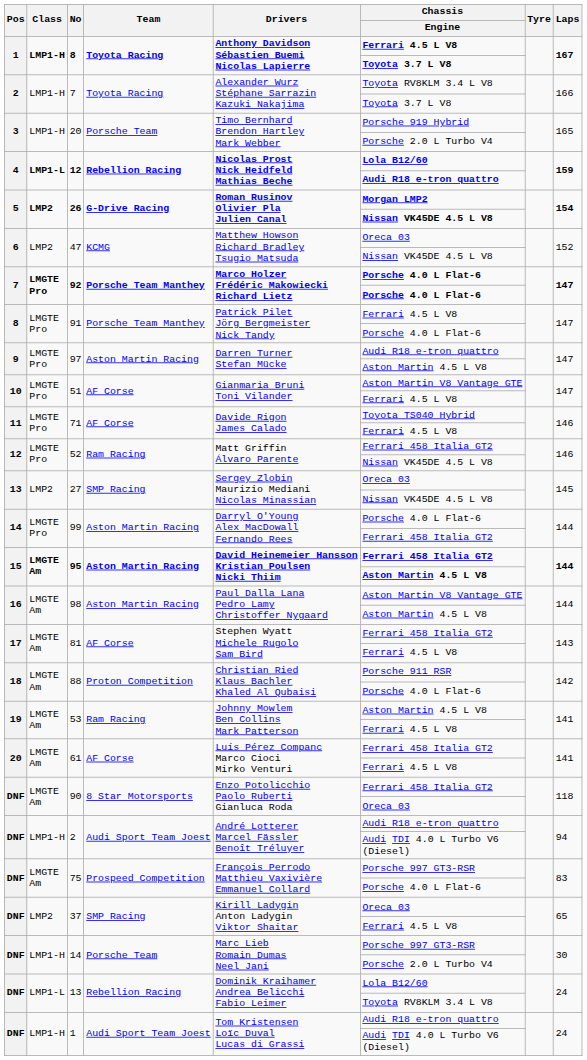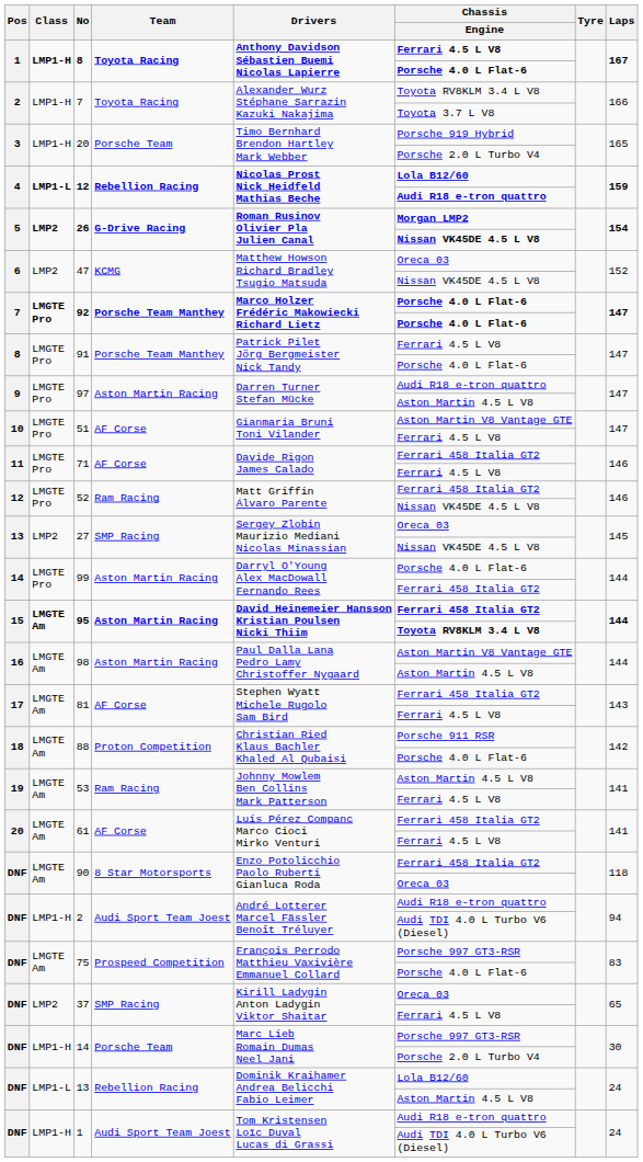 <table class="wikitable" style="font-size: 95%;">
 <tr>
 <th rowspan=2>Pos</th>
 <th rowspan=2>Class</th>
 <th rowspan=2>No</th>
 <th rowspan=2>Team</th>
 <th rowspan=2>Drivers</th>
 <th>Chassis</th>
 <th rowspan=2>Tyre</th>
 <th rowspan=2>Laps</th>
 </tr>
 <tr>
 <th>Engine</th>
 </tr>
 <tr style="font-weight:bold">
 <th rowspan=2>1</th>
 <td rowspan=2>LMP1-H</td>
 <td rowspan=2>8</td>
 <td rowspan=2> <a href='#'>Toyota Racing</a></td>
 <td rowspan=2> <a href='#'>Anthony Davidson</a><br> <a href='#'>Sébastien Buemi</a><br> <a href='#'>Nicolas Lapierre</a></td>
 <td><a href='#'>Ferrari</a> 4.5 L V8</td>
 <td rowspan=2></td>
 <td rowspan=2>167</td>
 </tr>
 <tr style="font-weight:bold">
-<td><a href='#'>Toyota</a> 3.7 L V8</td>
+<td><a href='#'>Porsche</a> 4.0 L Flat-6</td>
 </tr>
 <tr>
 <th rowspan=2>2</th>
 <td rowspan=2>LMP1-H</td>
 <td rowspan=2>7</td>
 <td rowspan=2> <a href='#'>Toyota Racing</a></td>
 <td rowspan=2> <a href='#'>Alexander Wurz</a><br> <a href='#'>Stéphane Sarrazin</a><br> <a href='#'>Kazuki Nakajima</a></td>
 <td><a href='#'>Toyota</a> RV8KLM 3.4 L V8</td>
 <td rowspan=2></td>
 <td rowspan=2>166</td>
 </tr>
 <tr>
 <td><a href='#'>Toyota</a> 3.7 L V8</td>
 </tr>
 <tr>
 <th rowspan=2>3</th>
 <td rowspan=2>LMP1-H</td>
 <td rowspan=2>20</td>
 <td rowspan=2> <a href='#'>Porsche Team</a></td>
 <td rowspan=2> <a href='#'>Timo Bernhard</a><br> <a href='#'>Brendon Hartley</a><br> <a href='#'>Mark Webber</a></td>
 <td><a href='#'>Porsche 919 Hybrid</a></td>
 <td rowspan=2></td>
 <td rowspan=2>165</td>
 </tr>
 <tr>
 <td><a href='#'>Porsche</a> 2.0 L Turbo V4</td>
 </tr>
 <tr style="font-weight:bold">
 <th rowspan=2>4</th>
 <td rowspan=2>LMP1-L</td>
 <td rowspan=2>12</td>
 <td rowspan=2> <a href='#'>Rebellion Racing</a></td>
 <td rowspan=2> <a href='#'>Nicolas Prost</a><br> <a href='#'>Nick Heidfeld</a><br> <a href='#'>Mathias Beche</a></td>
 <td><a href='#'>Lola B12/60</a></td>
 <td rowspan=2></td>
 <td rowspan=2>159</td>
 </tr>
 <tr style="font-weight:bold">
 <td><a href='#'>Audi R18 e-tron quattro</a></td>
 </tr>
 <tr style="font-weight:bold">
 <th rowspan=2>5</th>
 <td rowspan=2>LMP2</td>
 <td rowspan=2>26</td>
 <td rowspan=2> <a href='#'>G-Drive Racing</a></td>
 <td rowspan=2> <a href='#'>Roman Rusinov</a><br> <a href='#'>Olivier Pla</a><br> <a href='#'>Julien Canal</a></td>
 <td><a href='#'>Morgan LMP2</a></td>
 <td rowspan=2></td>
 <td rowspan=2>154</td>
 </tr>
 <tr style="font-weight:bold">
 <td><a href='#'>Nissan</a> VK45DE 4.5 L V8</td>
 </tr>
 <tr>
 <th rowspan=2>6</th>
 <td rowspan=2>LMP2</td>
 <td rowspan=2>47</td>
 <td rowspan=2> <a href='#'>KCMG</a></td>
 <td rowspan=2> <a href='#'>Matthew Howson</a><br> <a href='#'>Richard Bradley</a><br> <a href='#'>Tsugio Matsuda</a></td>
 <td><a href='#'>Oreca 03</a></td>
 <td rowspan=2></td>
 <td rowspan=2>152</td>
 </tr>
 <tr>
 <td><a href='#'>Nissan</a> VK45DE 4.5 L V8</td>
 </tr>
 <tr style="font-weight:bold">
 <th rowspan=2>7</th>
 <td rowspan=2>LMGTE<br>Pro</td>
 <td rowspan=2>92</td>
 <td rowspan=2> <a href='#'>Porsche Team Manthey</a></td>
 <td rowspan=2> <a href='#'>Marco Holzer</a><br> <a href='#'>Frédéric Makowiecki</a><br> <a href='#'>Richard Lietz</a></td>
 <td><a href='#'>Porsche</a> 4.0 L Flat-6</td>
 <td rowspan=2></td>
 <td rowspan=2>147</td>
 </tr>
 <tr style="font-weight:bold">
 <td><a href='#'>Porsche</a> 4.0 L Flat-6</td>
 </tr>
 <tr>
 <th rowspan=2>8</th>
 <td rowspan=2>LMGTE<br>Pro</td>
 <td rowspan=2>91</td>
 <td rowspan=2> <a href='#'>Porsche Team Manthey</a></td>
 <td rowspan=2> <a href='#'>Patrick Pilet</a><br> <a href='#'>Jörg Bergmeister</a><br> <a href='#'>Nick Tandy</a></td>
 <td><a href='#'>Ferrari</a> 4.5 L V8</td>
 <td rowspan=2></td>
 <td rowspan=2>147</td>
 </tr>
 <tr>
 <td><a href='#'>Porsche</a> 4.0 L Flat-6</td>
 </tr>
 <tr>
 <th rowspan=2>9</th>
 <td rowspan=2>LMGTE<br>Pro</td>
 <td rowspan=2>97</td>
 <td rowspan=2> <a href='#'>Aston Martin Racing</a></td>
 <td rowspan=2> <a href='#'>Darren Turner</a><br> <a href='#'>Stefan Mücke</a></td>
 <td><a href='#'>Audi R18 e-tron quattro</a></td>
 <td rowspan=2></td>
 <td rowspan=2>147</td>
 </tr>
 <tr>
 <td><a href='#'>Aston Martin</a> 4.5 L V8</td>
 </tr>
 <tr>
 <th rowspan=2>10</th>
 <td rowspan=2>LMGTE<br>Pro</td>
 <td rowspan=2>51</td>
 <td rowspan=2> <a href='#'>AF Corse</a></td>
 <td rowspan=2> <a href='#'>Gianmaria Bruni</a><br> <a href='#'>Toni Vilander</a></td>
 <td><a href='#'>Aston Martin V8 Vantage GTE</a></td>
 <td rowspan=2></td>
 <td rowspan=2>147</td>
 </tr>
 <tr>
 <td><a href='#'>Ferrari</a> 4.5 L V8</td>
 </tr>
 <tr>
 <th rowspan=2>11</th>
 <td rowspan=2>LMGTE<br>Pro</td>
 <td rowspan=2>71</td>
 <td rowspan=2> <a href='#'>AF Corse</a></td>
 <td rowspan=2> <a href='#'>Davide Rigon</a><br> <a href='#'>James Calado</a></td>
-<td><a href='#'>Toyota TS040 Hybrid</a></td>
+<td><a href='#'>Ferrari 458 Italia GT2</a></td>
 <td rowspan=2></td>
 <td rowspan=2>146</td>
 </tr>
 <tr>
 <td><a href='#'>Ferrari</a> 4.5 L V8</td>
 </tr>
 <tr>
 <th rowspan=2>12</th>
 <td rowspan=2>LMGTE<br>Pro</td>
 <td rowspan=2>52</td>
 <td rowspan=2> <a href='#'>Ram Racing</a></td>
 <td rowspan=2> Matt Griffin<br> <a href='#'>Álvaro Parente</a></td>
 <td><a href='#'>Ferrari 458 Italia GT2</a></td>
 <td rowspan=2></td>
 <td rowspan=2>146</td>
 </tr>
 <tr>
 <td><a href='#'>Nissan</a> VK45DE 4.5 L V8</td>
 </tr>
 <tr>
 <th rowspan=2>13</th>
 <td rowspan=2>LMP2</td>
 <td rowspan=2>27</td>
 <td rowspan=2> <a href='#'>SMP Racing</a></td>
 <td rowspan=2> <a href='#'>Sergey Zlobin</a><br> Maurizio Mediani<br> <a href='#'>Nicolas Minassian</a></td>
 <td><a href='#'>Oreca 03</a></td>
 <td rowspan=2></td>
 <td rowspan=2>145</td>
 </tr>
 <tr>
 <td><a href='#'>Nissan</a> VK45DE 4.5 L V8</td>
 </tr>
 <tr>
 <th rowspan=2>14</th>
 <td rowspan=2>LMGTE<br>Pro</td>
 <td rowspan=2>99</td>
 <td rowspan=2> <a href='#'>Aston Martin Racing</a></td>
 <td rowspan=2> <a href='#'>Darryl O'Young</a><br> <a href='#'>Alex MacDowall</a><br> <a href='#'>Fernando Rees</a></td>
 <td><a href='#'>Porsche</a> 4.0 L Flat-6</td>
 <td rowspan=2></td>
 <td rowspan=2>144</td>
 </tr>
 <tr>
 <td><a href='#'>Ferrari 458 Italia GT2</a></td>
 </tr>
 <tr style="font-weight:bold">
 <th rowspan=2>15</th>
 <td rowspan=2>LMGTE<br>Am</td>
 <td rowspan=2>95</td>
 <td rowspan=2> <a href='#'>Aston Martin Racing</a></td>
 <td rowspan=2> <a href='#'>David Heinemeier Hansson</a><br> <a href='#'>Kristian Poulsen</a><br> <a href='#'>Nicki Thiim</a></td>
 <td><a href='#'>Ferrari 458 Italia GT2</a></td>
 <td rowspan=2></td>
 <td rowspan=2>144</td>
 </tr>
 <tr style="font-weight:bold">
-<td><a href='#'>Aston Martin</a> 4.5 L V8</td>
+<td><a href='#'>Toyota</a> RV8KLM 3.4 L V8</td>
 </tr>
 <tr>
 <th rowspan=2>16</th>
 <td rowspan=2>LMGTE<br>Am</td>
 <td rowspan=2>98</td>
 <td rowspan=2> <a href='#'>Aston Martin Racing</a></td>
 <td rowspan=2> <a href='#'>Paul Dalla Lana</a><br> <a href='#'>Pedro Lamy</a><br> <a href='#'>Christoffer Nygaard</a></td>
 <td><a href='#'>Aston Martin V8 Vantage GTE</a></td>
 <td rowspan=2></td>
 <td rowspan=2>144</td>
 </tr>
 <tr>
 <td><a href='#'>Aston Martin</a> 4.5 L V8</td>
 </tr>
 <tr>
 <th rowspan=2>17</th>
 <td rowspan=2>LMGTE<br>Am</td>
 <td rowspan=2>81</td>
 <td rowspan=2> <a href='#'>AF Corse</a></td>
 <td rowspan=2> Stephen Wyatt<br> <a href='#'>Michele Rugolo</a><br> <a href='#'>Sam Bird</a></td>
 <td><a href='#'>Ferrari 458 Italia GT2</a></td>
 <td rowspan=2></td>
 <td rowspan=2>143</td>
 </tr>
 <tr>
 <td><a href='#'>Ferrari</a> 4.5 L V8</td>
 </tr>
 <tr>
 <th rowspan=2>18</th>
 <td rowspan=2>LMGTE<br>Am</td>
 <td rowspan=2>88</td>
 <td rowspan=2> <a href='#'>Proton Competition</a></td>
 <td rowspan=2> <a href='#'>Christian Ried</a><br> <a href='#'>Klaus Bachler</a><br> <a href='#'>Khaled Al Qubaisi</a></td>
 <td><a href='#'>Porsche 911 RSR</a></td>
 <td rowspan=2></td>
 <td rowspan=2>142</td>
 </tr>
 <tr>
 <td><a href='#'>Porsche</a> 4.0 L Flat-6</td>
 </tr>
 <tr>
 <th rowspan=2>19</th>
 <td rowspan=2>LMGTE<br>Am</td>
 <td rowspan=2>53</td>
 <td rowspan=2> <a href='#'>Ram Racing</a></td>
 <td rowspan=2> <a href='#'>Johnny Mowlem</a><br> <a href='#'>Ben Collins</a><br> <a href='#'>Mark Patterson</a></td>
 <td><a href='#'>Aston Martin</a> 4.5 L V8</td>
 <td rowspan=2></td>
 <td rowspan=2>141</td>
 </tr>
 <tr>
 <td><a href='#'>Ferrari</a> 4.5 L V8</td>
 </tr>
 <tr>
 <th rowspan=2>20</th>
 <td rowspan=2>LMGTE<br>Am</td>
 <td rowspan=2>61</td>
 <td rowspan=2> <a href='#'>AF Corse</a></td>
 <td rowspan=2> <a href='#'>Luís Pérez Companc</a><br> Marco Cioci<br> Mirko Venturi</td>
 <td><a href='#'>Ferrari 458 Italia GT2</a></td>
 <td rowspan=2></td>
 <td rowspan=2>141</td>
 </tr>
 <tr>
 <td><a href='#'>Ferrari</a> 4.5 L V8</td>
 </tr>
 <tr>
 <th rowspan=2>DNF</th>
 <td rowspan=2>LMGTE<br>Am</td>
 <td rowspan=2>90</td>
 <td rowspan=2> <a href='#'>8 Star Motorsports</a></td>
 <td rowspan=2> <a href='#'>Enzo Potolicchio</a><br> <a href='#'>Paolo Ruberti</a><br> Gianluca Roda</td>
 <td><a href='#'>Ferrari 458 Italia GT2</a></td>
 <td rowspan=2></td>
 <td rowspan=2>118</td>
 </tr>
 <tr>
 <td><a href='#'>Oreca 03</a></td>
 </tr>
 <tr>
 <th rowspan=2>DNF</th>
 <td rowspan=2>LMP1-H</td>
 <td rowspan=2>2</td>
 <td rowspan=2> <a href='#'>Audi Sport Team Joest</a></td>
 <td rowspan=2> <a href='#'>André Lotterer</a><br> <a href='#'>Marcel Fässler</a><br> <a href='#'>Benoît Tréluyer</a></td>
 <td><a href='#'>Audi R18 e-tron quattro</a></td>
 <td rowspan=2></td>
 <td rowspan=2>94</td>
 </tr>
 <tr>
 <td><a href='#'>Audi</a> <a href='#'>TDI</a> 4.0 L Turbo V6<br>(Diesel)</td>
 </tr>
 <tr>
 <th rowspan=2>DNF</th>
 <td rowspan=2>LMGTE<br>Am</td>
 <td rowspan=2>75</td>
 <td rowspan=2> <a href='#'>Prospeed Competition</a></td>
 <td rowspan=2> <a href='#'>François Perrodo</a><br> <a href='#'>Matthieu Vaxivière</a><br> <a href='#'>Emmanuel Collard</a></td>
 <td><a href='#'>Porsche 997 GT3-RSR</a></td>
 <td rowspan=2></td>
 <td rowspan=2>83</td>
 </tr>
 <tr>
 <td><a href='#'>Porsche</a> 4.0 L Flat-6</td>
 </tr>
 <tr>
 <th rowspan=2>DNF</th>
 <td rowspan=2>LMP2</td>
 <td rowspan=2>37</td>
 <td rowspan=2> <a href='#'>SMP Racing</a></td>
 <td rowspan=2> <a href='#'>Kirill Ladygin</a><br> Anton Ladygin<br> <a href='#'>Viktor Shaitar</a></td>
 <td><a href='#'>Oreca 03</a></td>
 <td rowspan=2></td>
 <td rowspan=2>65</td>
 </tr>
 <tr>
 <td><a href='#'>Ferrari</a> 4.5 L V8</td>
 </tr>
 <tr>
 <th rowspan=2>DNF</th>
 <td rowspan=2>LMP1-H</td>
 <td rowspan=2>14</td>
 <td rowspan=2> <a href='#'>Porsche Team</a></td>
 <td rowspan=2> <a href='#'>Marc Lieb</a><br> <a href='#'>Romain Dumas</a><br> <a href='#'>Neel Jani</a></td>
 <td><a href='#'>Porsche 997 GT3-RSR</a></td>
 <td rowspan=2></td>
 <td rowspan=2>30</td>
 </tr>
 <tr>
 <td><a href='#'>Porsche</a> 2.0 L Turbo V4</td>
 </tr>
 <tr>
 <th rowspan=2>DNF</th>
 <td rowspan=2>LMP1-L</td>
 <td rowspan=2>13</td>
 <td rowspan=2> <a href='#'>Rebellion Racing</a></td>
 <td rowspan=2> <a href='#'>Dominik Kraihamer</a><br> <a href='#'>Andrea Belicchi</a><br> <a href='#'>Fabio Leimer</a></td>
 <td><a href='#'>Lola B12/60</a></td>
 <td rowspan=2></td>
 <td rowspan=2>24</td>
 </tr>
 <tr>
-<td><a href='#'>Toyota</a> RV8KLM 3.4 L V8</td>
+<td><a href='#'>Aston Martin</a> 4.5 L V8</td>
 </tr>
 <tr>
 <th rowspan=2>DNF</th>
 <td rowspan=2>LMP1-H</td>
 <td rowspan=2>1</td>
 <td rowspan=2> <a href='#'>Audi Sport Team Joest</a></td>
 <td rowspan=2> <a href='#'>Tom Kristensen</a><br> <a href='#'>Loïc Duval</a><br> <a href='#'>Lucas di Grassi</a></td>
 <td><a href='#'>Audi R18 e-tron quattro</a></td>
 <td rowspan=2></td>
 <td rowspan=2>24</td>
 </tr>
 <tr>
 <td><a href='#'>Audi</a> <a href='#'>TDI</a> 4.0 L Turbo V6<br>(Diesel)</td>
 </tr>
 </table>
